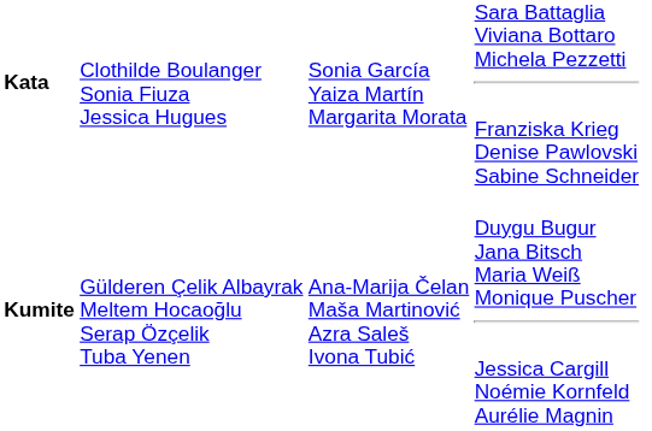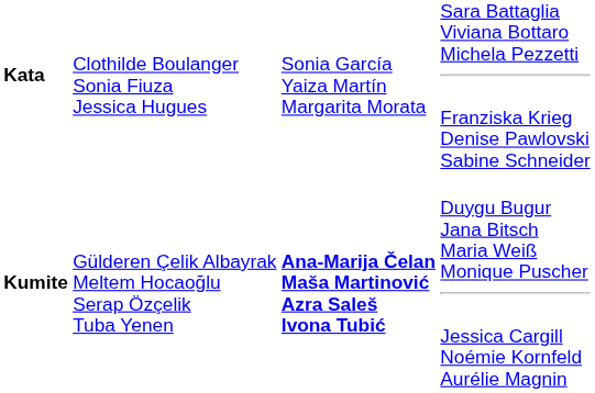 <table>
 <tr>
 <td><strong>Kata</strong></td>
 <td><br><a href='#'>Clothilde Boulanger</a><br><a href='#'>Sonia Fiuza</a><br><a href='#'>Jessica Hugues</a></td>
 <td><br><a href='#'>Sonia García</a><br><a href='#'>Yaiza Martín</a><br><a href='#'>Margarita Morata</a></td>
 <td><br><a href='#'>Sara Battaglia</a><br><a href='#'>Viviana Bottaro</a><br><a href='#'>Michela Pezzetti</a><hr><br><a href='#'>Franziska Krieg</a><br><a href='#'>Denise Pawlovski</a><br><a href='#'>Sabine Schneider</a></td>
 </tr>
 <tr>
 <td><strong>Kumite</strong></td>
 <td><br><a href='#'>Gülderen Çelik Albayrak</a><br><a href='#'>Meltem Hocaoğlu</a><br><a href='#'>Serap Özçelik</a><br><a href='#'>Tuba Yenen</a></td>
-<td><br><a href='#'>Ana-Marija Čelan</a><br><a href='#'>Maša Martinović</a><br><a href='#'>Azra Saleš</a><br><a href='#'>Ivona Tubić</a></td>
+<td><strong><br><a href='#'>Ana-Marija Čelan</a><br><a href='#'>Maša Martinović</a><br><a href='#'>Azra Saleš</a><br><a href='#'>Ivona Tubić</a></strong></td>
 <td><br><a href='#'>Duygu Bugur</a><br><a href='#'>Jana Bitsch</a><br><a href='#'>Maria Weiß</a><br><a href='#'>Monique Puscher</a><hr><br><a href='#'>Jessica Cargill</a><br><a href='#'>Noémie Kornfeld</a><br><a href='#'>Aurélie Magnin</a></td>
 </tr>
 </table>
